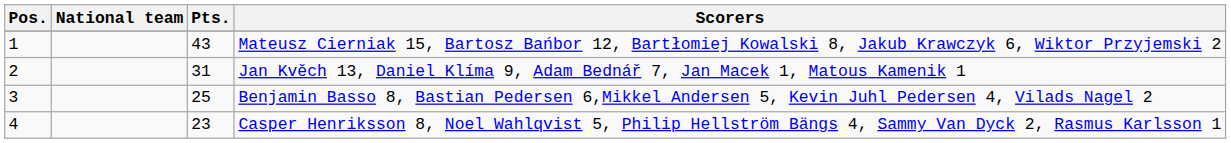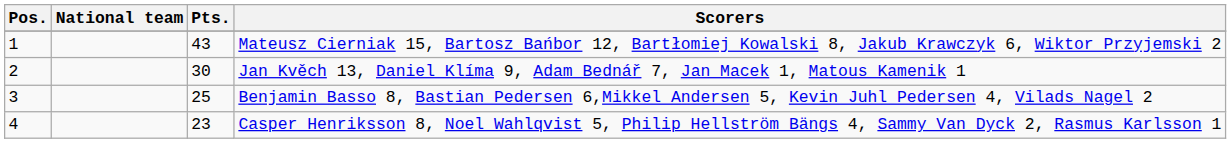 <table class=wikitable>
 <tr>
 <th>Pos.</th>
 <th>National team</th>
 <th>Pts.</th>
 <th>Scorers</th>
 </tr>
 <tr>
 </tr>
 <tr>
 <td>1</td>
 <td align=left></td>
 <td>43</td>
 <td><a href='#'>Mateusz Cierniak</a> 15, <a href='#'>Bartosz Bańbor</a> 12, <a href='#'>Bartłomiej Kowalski</a> 8, <a href='#'>Jakub Krawczyk</a> 6, <a href='#'>Wiktor Przyjemski</a> 2</td>
 </tr>
 <tr>
 <td>2</td>
 <td align=left></td>
-<td>31</td>
+<td>30</td>
 <td><a href='#'>Jan Kvěch</a> 13, <a href='#'>Daniel Klíma</a> 9, <a href='#'>Adam Bednář</a> 7, <a href='#'>Jan Macek</a> 1, <a href='#'>Matous Kamenik</a> 1</td>
 </tr>
 <tr>
 <td>3</td>
 <td align=left></td>
 <td>25</td>
 <td><a href='#'>Benjamin Basso</a> 8, <a href='#'>Bastian Pedersen</a> 6,<a href='#'>Mikkel Andersen</a> 5, <a href='#'>Kevin Juhl Pedersen</a> 4, <a href='#'>Vilads Nagel</a> 2</td>
 </tr>
 <tr>
 <td>4</td>
 <td align=left></td>
 <td>23</td>
 <td><a href='#'>Casper Henriksson</a> 8, <a href='#'>Noel Wahlqvist</a> 5, <a href='#'>Philip Hellström Bängs</a> 4, <a href='#'>Sammy Van Dyck</a> 2, <a href='#'>Rasmus Karlsson</a> 1</td>
 </tr>
 </table>
